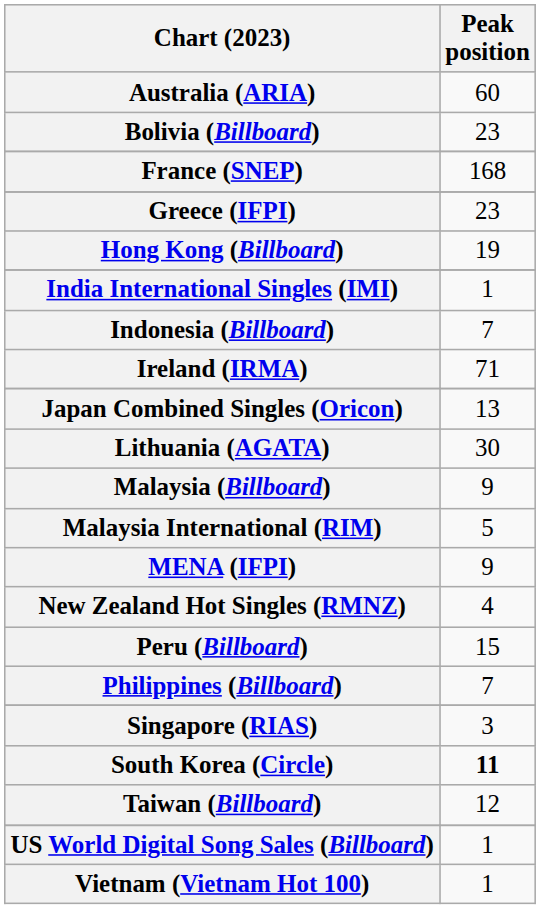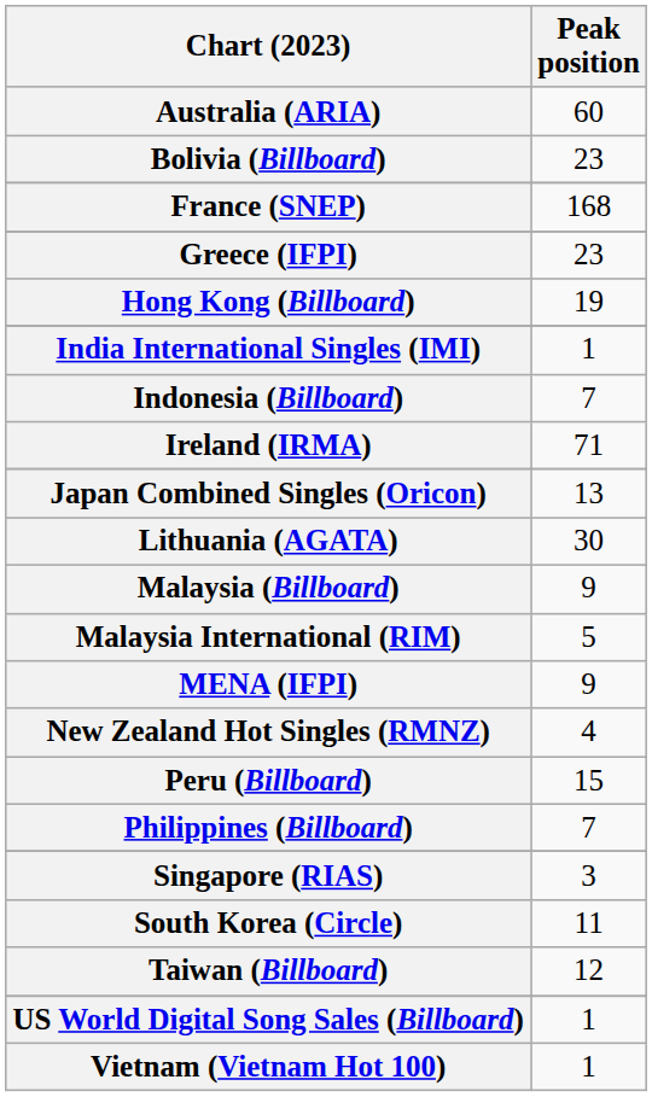 <table class="wikitable sortable plainrowheaders" style="text-align:center">
 <tr>
 <th scope="col">Chart (2023)</th>
 <th scope="col">Peak<br>position</th>
 </tr>
 <tr>
 <th scope="row">Australia (<a href='#'>ARIA</a>)</th>
 <td>60</td>
 </tr>
 <tr>
 <th scope="row">Bolivia (<em><a href='#'>Billboard</a></em>)</th>
 <td>23</td>
 </tr>
 <tr>
 </tr>
 <tr>
 <th scope="row">France (<a href='#'>SNEP</a>)</th>
 <td>168</td>
 </tr>
 <tr>
 </tr>
 <tr>
 <th scope="row">Greece (<a href='#'>IFPI</a>)</th>
 <td>23</td>
 </tr>
 <tr>
 <th scope="row"><a href='#'>Hong Kong</a> (<em><a href='#'>Billboard</a></em>)</th>
 <td>19</td>
 </tr>
 <tr>
 </tr>
 <tr>
 <th scope="row"><a href='#'>India International Singles</a> (<a href='#'>IMI</a>)</th>
 <td>1</td>
 </tr>
 <tr>
 <th scope="row">Indonesia (<em><a href='#'>Billboard</a></em>)</th>
 <td>7</td>
 </tr>
 <tr>
 <th scope="row">Ireland (<a href='#'>IRMA</a>)</th>
 <td>71</td>
 </tr>
 <tr>
 </tr>
 <tr>
 <th scope="row">Japan Combined Singles (<a href='#'>Oricon</a>)</th>
 <td>13</td>
 </tr>
 <tr>
 <th scope="row">Lithuania (<a href='#'>AGATA</a>)</th>
 <td>30</td>
 </tr>
 <tr>
 <th scope="row">Malaysia (<em><a href='#'>Billboard</a></em>)</th>
 <td>9</td>
 </tr>
 <tr>
 <th scope="row">Malaysia International (<a href='#'>RIM</a>)</th>
 <td>5</td>
 </tr>
 <tr>
 <th scope="row"><a href='#'>MENA</a> (<a href='#'>IFPI</a>)</th>
 <td>9</td>
 </tr>
 <tr>
 <th scope="row">New Zealand Hot Singles (<a href='#'>RMNZ</a>)</th>
 <td>4</td>
 </tr>
 <tr>
 <th scope="row">Peru (<em><a href='#'>Billboard</a></em>)</th>
 <td>15</td>
 </tr>
 <tr>
 <th scope="row"><a href='#'>Philippines</a> (<em><a href='#'>Billboard</a></em>)</th>
 <td>7</td>
 </tr>
 <tr>
 </tr>
 <tr>
 <th scope="row">Singapore (<a href='#'>RIAS</a>)</th>
 <td>3</td>
 </tr>
 <tr>
 <th scope="row">South Korea (<a href='#'>Circle</a>)</th>
-<td><strong>11</strong></td>
+<td>11</td>
 </tr>
 <tr>
 <th scope="row">Taiwan (<em><a href='#'>Billboard</a></em>)</th>
 <td>12</td>
 </tr>
 <tr>
 </tr>
 <tr>
 </tr>
 <tr>
 <th scope="row">US <a href='#'>World Digital Song Sales</a> (<em><a href='#'>Billboard</a></em>)</th>
 <td>1</td>
 </tr>
 <tr>
 <th scope="row">Vietnam (<a href='#'>Vietnam Hot 100</a>)</th>
 <td>1</td>
 </tr>
 </table>
